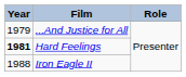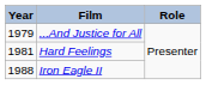 <table class="wikitable" style="font-size:95%;">
 <tr>
 <th style="background:#B0C4DE;">Year</th>
 <th style="background:#B0C4DE;">Film</th>
 <th style="background:#B0C4DE;">Role</th>
 </tr>
 <tr>
 <td>1979</td>
 <td><em><a href='#'>...And Justice for All</a></em></td>
 <td rowspan=3>Presenter</td>
 </tr>
 <tr>
-<td><strong>1981</strong></td>
+<td>1981</td>
 <td><em><a href='#'>Hard Feelings</a></em></td>
 </tr>
 <tr>
 <td>1988</td>
 <td><em><a href='#'>Iron Eagle II</a></em></td>
 </tr>
 </table>
